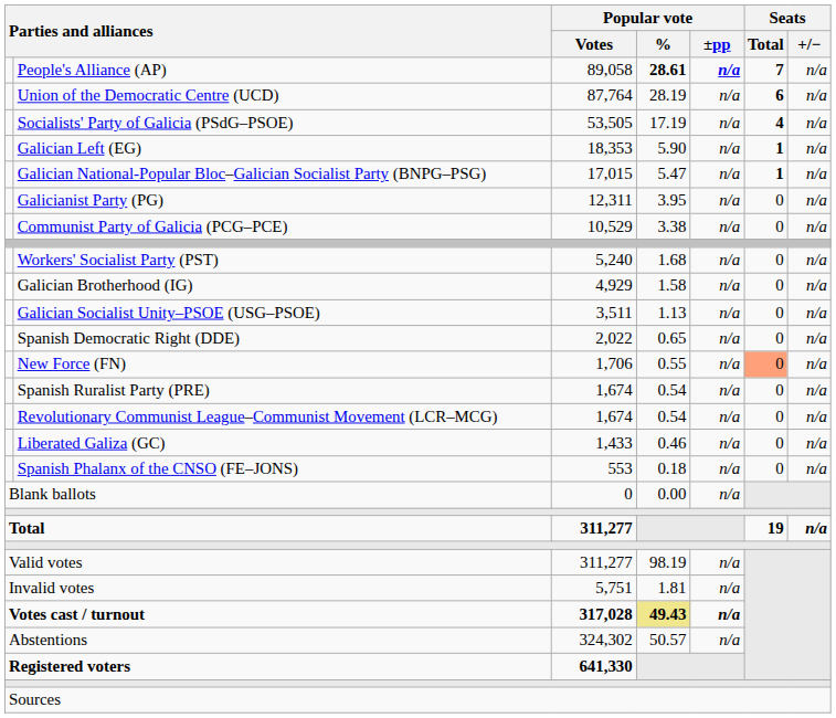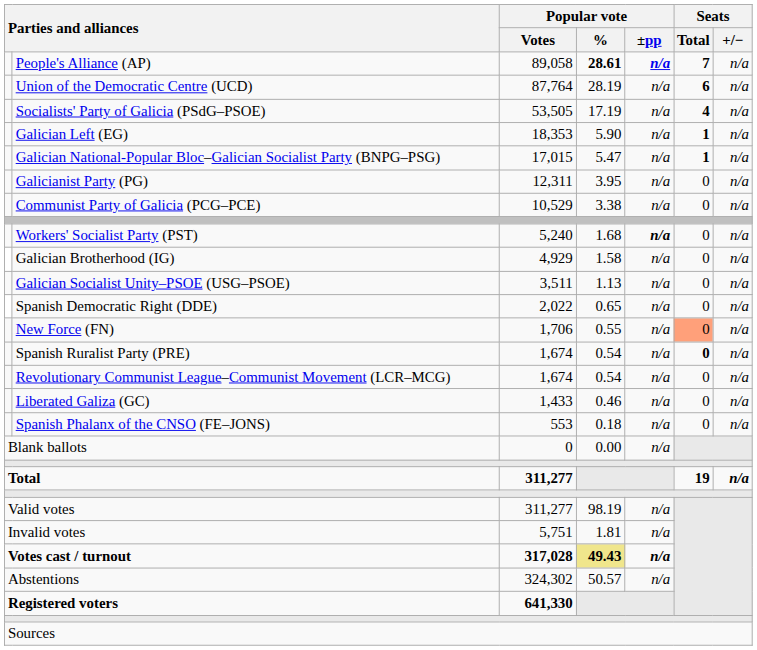 <table class="wikitable" style="text-align:right;">
 <tr>
 <th style="text-align:left;" rowspan="2" colspan="2" width="525">Parties and alliances</th>
 <th colspan="3">Popular vote</th>
 <th colspan="2">Seats</th>
 </tr>
 <tr>
 <th width="75">Votes</th>
 <th width="45">%</th>
 <th width="45">±<a href='#'>pp</a></th>
 <th width="35">Total</th>
 <th width="35">+/−</th>
 </tr>
 <tr>
 <td width="1" style="color:inherit;background:"></td>
 <td align="left"><a href='#'>People's Alliance</a> (AP)</td>
 <td>89,058</td>
 <td><strong>28.61</strong></td>
 <td><strong><em><a href='#'>n/a</a></em></strong></td>
 <td><strong>7</strong></td>
 <td><em>n/a</em></td>
 </tr>
 <tr>
 <td style="color:inherit;background:"></td>
 <td align="left"><a href='#'>Union of the Democratic Centre</a> (UCD)</td>
 <td>87,764</td>
 <td>28.19</td>
 <td><em>n/a</em></td>
 <td><strong>6</strong></td>
 <td><em>n/a</em></td>
 </tr>
 <tr>
 <td style="color:inherit;background:"></td>
 <td align="left"><a href='#'>Socialists' Party of Galicia</a> (PSdG–PSOE)</td>
 <td>53,505</td>
 <td>17.19</td>
 <td><em>n/a</em></td>
 <td><strong>4</strong></td>
 <td><em>n/a</em></td>
 </tr>
 <tr>
 <td style="color:inherit;background:"></td>
 <td align="left"><a href='#'>Galician Left</a> (EG)</td>
 <td>18,353</td>
 <td>5.90</td>
 <td><em>n/a</em></td>
 <td><strong>1</strong></td>
 <td><em>n/a</em></td>
 </tr>
 <tr>
 <td style="color:inherit;background:"></td>
 <td align="left"><a href='#'>Galician National-Popular Bloc</a>–<a href='#'>Galician Socialist Party</a> (BNPG–PSG)</td>
 <td>17,015</td>
 <td>5.47</td>
 <td><em>n/a</em></td>
 <td><strong>1</strong></td>
 <td><em>n/a</em></td>
 </tr>
 <tr>
 <td style="color:inherit;background:"></td>
 <td align="left"><a href='#'>Galicianist Party</a> (PG)</td>
 <td>12,311</td>
 <td>3.95</td>
 <td><em>n/a</em></td>
 <td>0</td>
 <td><em>n/a</em></td>
 </tr>
 <tr>
 <td style="color:inherit;background:"></td>
 <td align="left"><a href='#'>Communist Party of Galicia</a> (PCG–PCE)</td>
 <td>10,529</td>
 <td>3.38</td>
 <td><em>n/a</em></td>
 <td>0</td>
 <td><em>n/a</em></td>
 </tr>
 <tr>
 <td colspan="7" bgcolor="#C0C0C0"></td>
 </tr>
 <tr>
 <td style="color:inherit;background:"></td>
 <td align="left"><a href='#'>Workers' Socialist Party</a> (PST)</td>
 <td>5,240</td>
 <td>1.68</td>
-<td><em>n/a</em></td>
+<td><strong><em>n/a</em></strong></td>
 <td>0</td>
 <td><em>n/a</em></td>
 </tr>
 <tr>
 <td bgcolor="white"></td>
 <td align="left">Galician Brotherhood (IG)</td>
 <td>4,929</td>
 <td>1.58</td>
 <td><em>n/a</em></td>
 <td>0</td>
 <td><em>n/a</em></td>
 </tr>
 <tr>
 <td style="color:inherit;background:"></td>
 <td align="left"><a href='#'>Galician Socialist Unity–PSOE</a> (USG–PSOE)</td>
 <td>3,511</td>
 <td>1.13</td>
 <td><em>n/a</em></td>
 <td>0</td>
 <td><em>n/a</em></td>
 </tr>
 <tr>
 <td bgcolor="white"></td>
 <td align="left">Spanish Democratic Right (DDE)</td>
 <td>2,022</td>
 <td>0.65</td>
 <td><em>n/a</em></td>
 <td>0</td>
 <td><em>n/a</em></td>
 </tr>
 <tr>
 <td style="color:inherit;background:"></td>
 <td align="left"><a href='#'>New Force</a> (FN)</td>
 <td>1,706</td>
 <td>0.55</td>
 <td><em>n/a</em></td>
 <td style="background: lightsalmon;">0</td>
 <td><em>n/a</em></td>
 </tr>
 <tr>
 <td style="color:inherit;background:"></td>
 <td align="left">Spanish Ruralist Party (PRE)</td>
 <td>1,674</td>
 <td>0.54</td>
 <td><em>n/a</em></td>
-<td>0</td>
+<td><strong>0</strong></td>
 <td><em>n/a</em></td>
 </tr>
 <tr>
 <td style="color:inherit;background:"></td>
 <td align="left"><a href='#'>Revolutionary Communist League</a>–<a href='#'>Communist Movement</a> (LCR–MCG)</td>
 <td>1,674</td>
 <td>0.54</td>
 <td><em>n/a</em></td>
 <td>0</td>
 <td><em>n/a</em></td>
 </tr>
 <tr>
 <td style="color:inherit;background:"></td>
 <td align="left"><a href='#'>Liberated Galiza</a> (GC)</td>
 <td>1,433</td>
 <td>0.46</td>
 <td><em>n/a</em></td>
 <td>0</td>
 <td><em>n/a</em></td>
 </tr>
 <tr>
 <td style="color:inherit;background:"></td>
 <td align="left"><a href='#'>Spanish Phalanx of the CNSO</a> (FE–JONS)</td>
 <td>553</td>
 <td>0.18</td>
 <td><em>n/a</em></td>
 <td>0</td>
 <td><em>n/a</em></td>
 </tr>
 <tr>
 <td align="left" colspan="2">Blank ballots</td>
 <td>0</td>
 <td>0.00</td>
 <td><em>n/a</em></td>
 <td bgcolor="#E9E9E9" colspan="2"></td>
 </tr>
 <tr>
 <td colspan="7" bgcolor="#E9E9E9"></td>
 </tr>
 <tr style="font-weight:bold;">
 <td align="left" colspan="2">Total</td>
 <td>311,277</td>
 <td bgcolor="#E9E9E9" colspan="2"></td>
 <td>19</td>
 <td><em>n/a</em></td>
 </tr>
 <tr>
 <td colspan="7" bgcolor="#E9E9E9"></td>
 </tr>
 <tr>
 <td align="left" colspan="2">Valid votes</td>
 <td>311,277</td>
 <td>98.19</td>
 <td><em>n/a</em></td>
 <td bgcolor="#E9E9E9" colspan="2" rowspan="5"></td>
 </tr>
 <tr>
 <td align="left" colspan="2">Invalid votes</td>
 <td>5,751</td>
 <td>1.81</td>
 <td><em>n/a</em></td>
 </tr>
 <tr style="font-weight:bold;">
 <td align="left" colspan="2">Votes cast / turnout</td>
 <td>317,028</td>
 <td style="background: khaki;">49.43</td>
 <td><em>n/a</em></td>
 </tr>
 <tr>
 <td align="left" colspan="2">Abstentions</td>
 <td>324,302</td>
 <td>50.57</td>
 <td><em>n/a</em></td>
 </tr>
 <tr style="font-weight:bold;">
 <td align="left" colspan="2">Registered voters</td>
 <td>641,330</td>
 <td bgcolor="#E9E9E9" colspan="2"></td>
 </tr>
 <tr>
 <td colspan="7" bgcolor="#E9E9E9"></td>
 </tr>
 <tr>
 <td align="left" colspan="7">Sources</td>
 </tr>
 </table>
